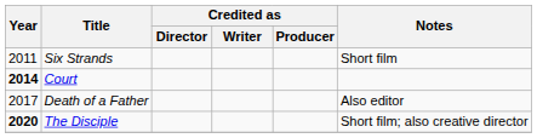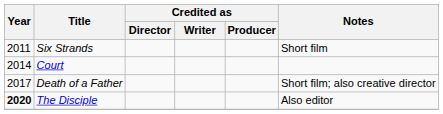 <table class="wikitable">
 <tr>
 <th rowspan="2">Year</th>
 <th rowspan="2">Title</th>
 <th colspan="3">Credited as</th>
 <th rowspan="2'">Notes</th>
 </tr>
 <tr>
 <th width=65>Director</th>
 <th width=65>Writer</th>
 <th width=65>Producer</th>
 </tr>
 <tr>
 <td>2011</td>
 <td><em>Six Strands</em></td>
 <td></td>
 <td></td>
 <td></td>
 <td>Short film</td>
 </tr>
 <tr>
-<td><strong>2014</strong></td>
+<td>2014</td>
 <td><em><a href='#'>Court</a></em></td>
 <td></td>
 <td></td>
 <td></td>
 <td></td>
 </tr>
 <tr>
 <td>2017</td>
 <td><em>Death of a Father</em></td>
 <td></td>
 <td></td>
 <td></td>
-<td>Also editor</td>
+<td>Short film; also creative director</td>
 </tr>
 <tr>
 <td><strong>2020</strong></td>
 <td><em><a href='#'>The Disciple</a></em></td>
 <td></td>
 <td></td>
 <td></td>
-<td>Short film; also creative director</td>
+<td>Also editor</td>
 </tr>
 <tr>
 </tr>
 </table>
